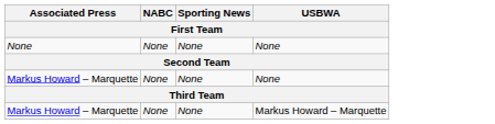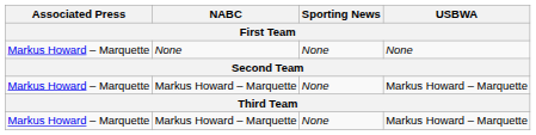 <table class="wikitable" style="font-size: 95%">
 <tr>
 <th>Associated Press</th>
 <th>NABC</th>
 <th>Sporting News</th>
 <th>USBWA</th>
 </tr>
 <tr>
 <th colspan=4>First Team</th>
 </tr>
 <tr>
-<td><em>None</em></td>
+<td><a href='#'>Markus Howard</a> – Marquette</td>
 <td><em>None</em></td>
 <td><em>None</em></td>
 <td><em>None</em></td>
 </tr>
 <tr>
 <th colspan=4>Second Team</th>
 </tr>
 <tr>
 <td><a href='#'>Markus Howard</a> – Marquette</td>
+<td>Markus Howard – Marquette</td>
 <td><em>None</em></td>
-<td><em>None</em></td>
-<td><em>None</em></td>
+<td>Markus Howard – Marquette</td>
 </tr>
 <tr>
 <th colspan=4>Third Team</th>
 </tr>
 <tr>
 <td><a href='#'>Markus Howard</a> – Marquette</td>
-<td><em>None</em></td>
+<td>Markus Howard – Marquette</td>
 <td><em>None</em></td>
 <td>Markus Howard – Marquette</td>
 </tr>
 </table>
